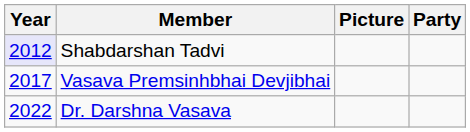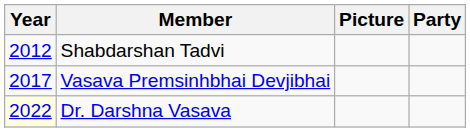 <table class="wikitable sortable">
 <tr>
 <th>Year</th>
 <th>Member</th>
 <th>Picture</th>
 <th colspan="2">Party</th>
 </tr>
 <tr>
-<td style="background: lavender;"><a href='#'>2012</a></td>
+<td><a href='#'>2012</a></td>
 <td>Shabdarshan Tadvi</td>
 <td></td>
 <td></td>
 </tr>
 <tr>
 <td><a href='#'>2017</a></td>
 <td><a href='#'>Vasava Premsinhbhai Devjibhai</a></td>
 <td></td>
 <td></td>
 </tr>
 <tr>
-<td><a href='#'>2022</a></td>
+<td style="background: lightyellow;"><a href='#'>2022</a></td>
 <td><a href='#'>Dr. Darshna Vasava</a></td>
 <td></td>
 <td></td>
 </tr>
 </table>
